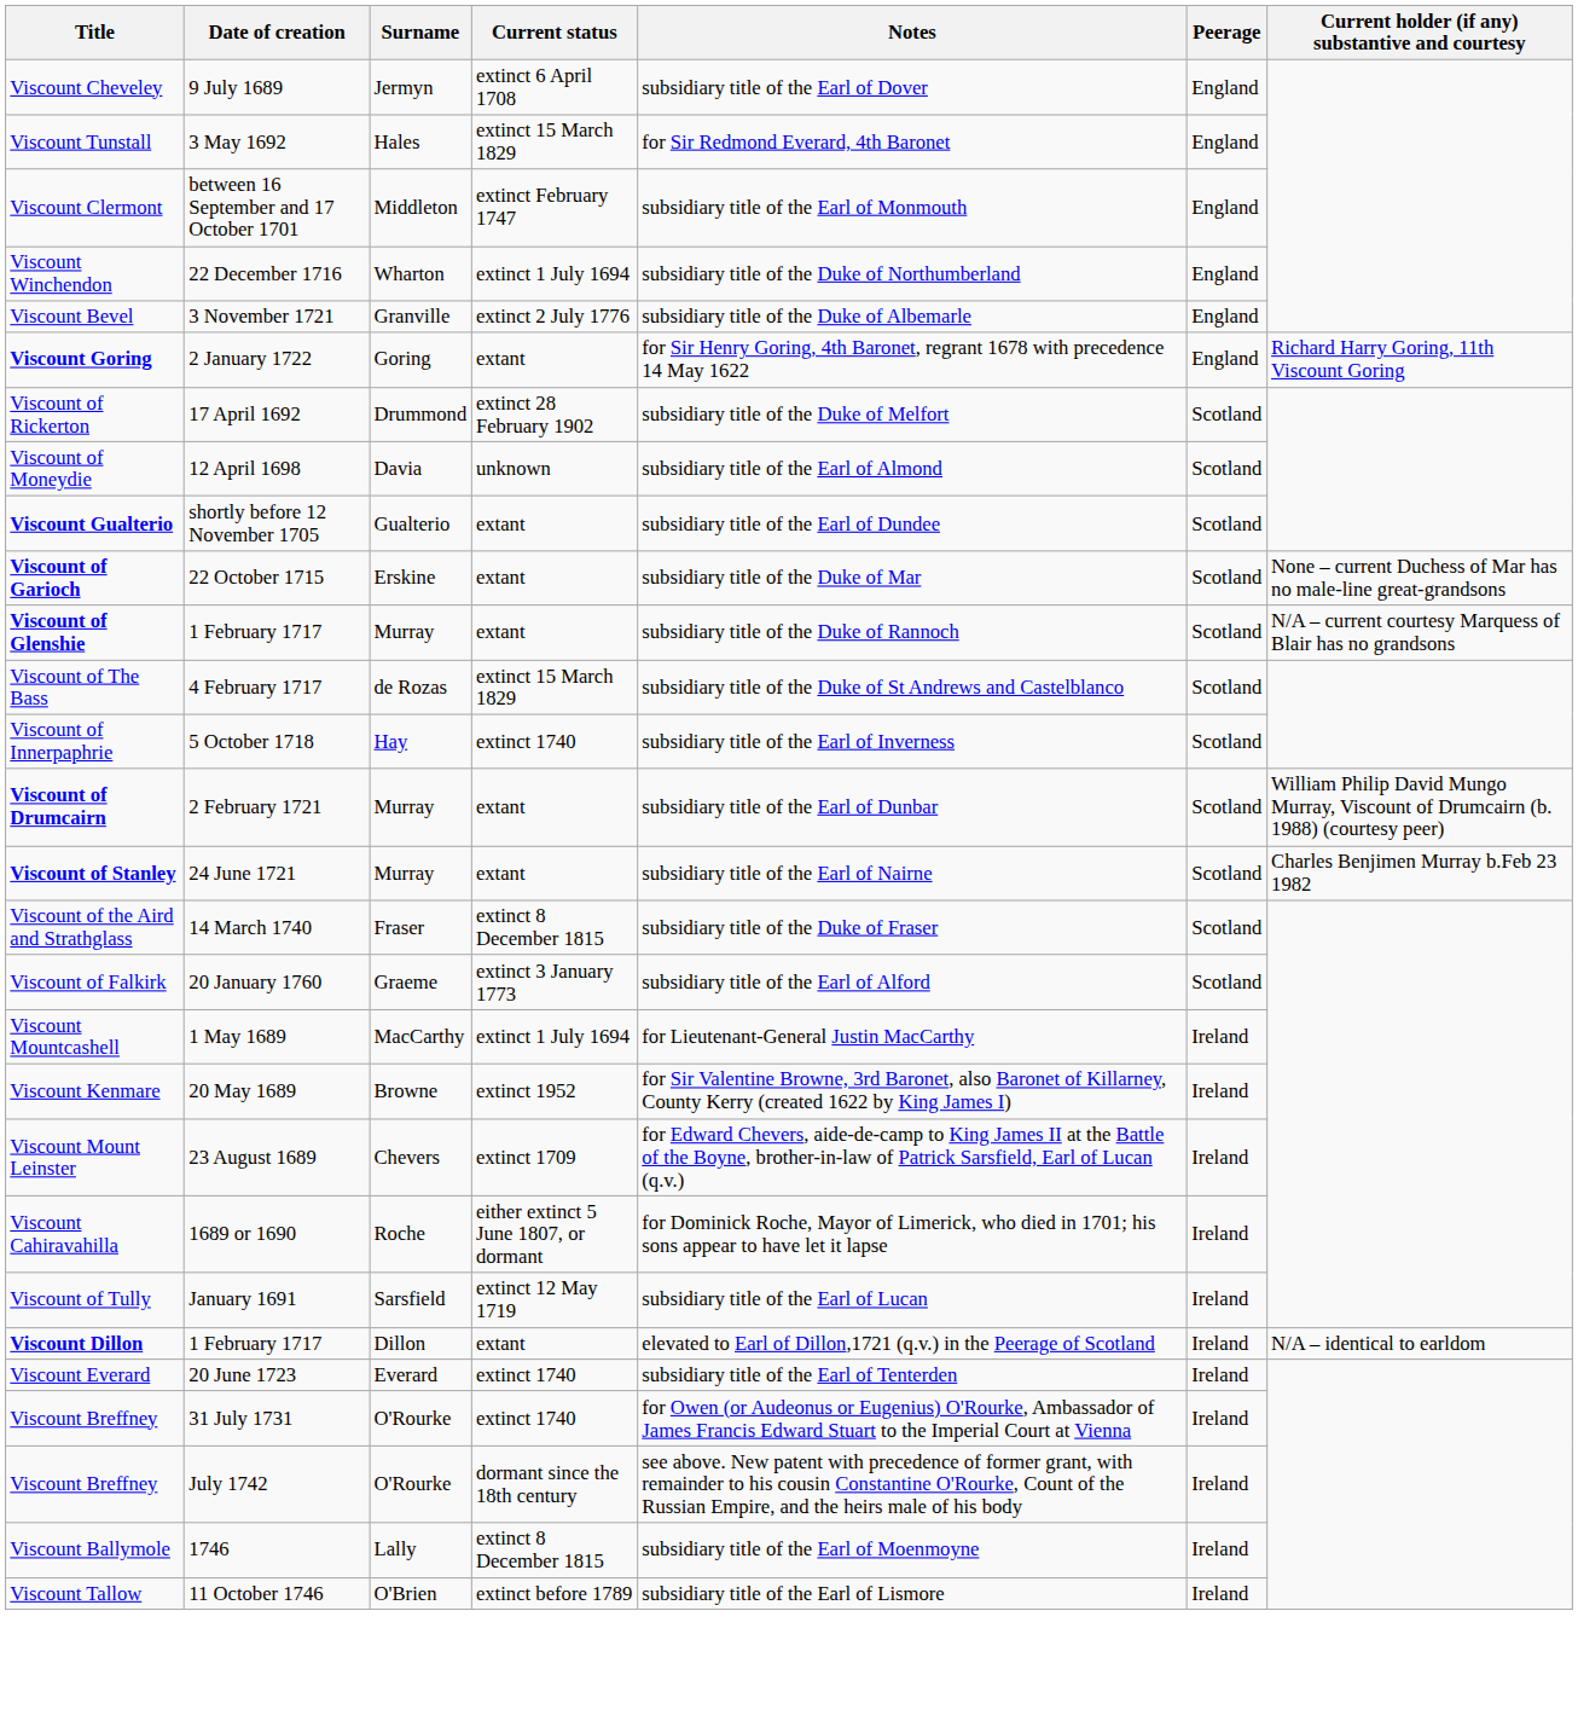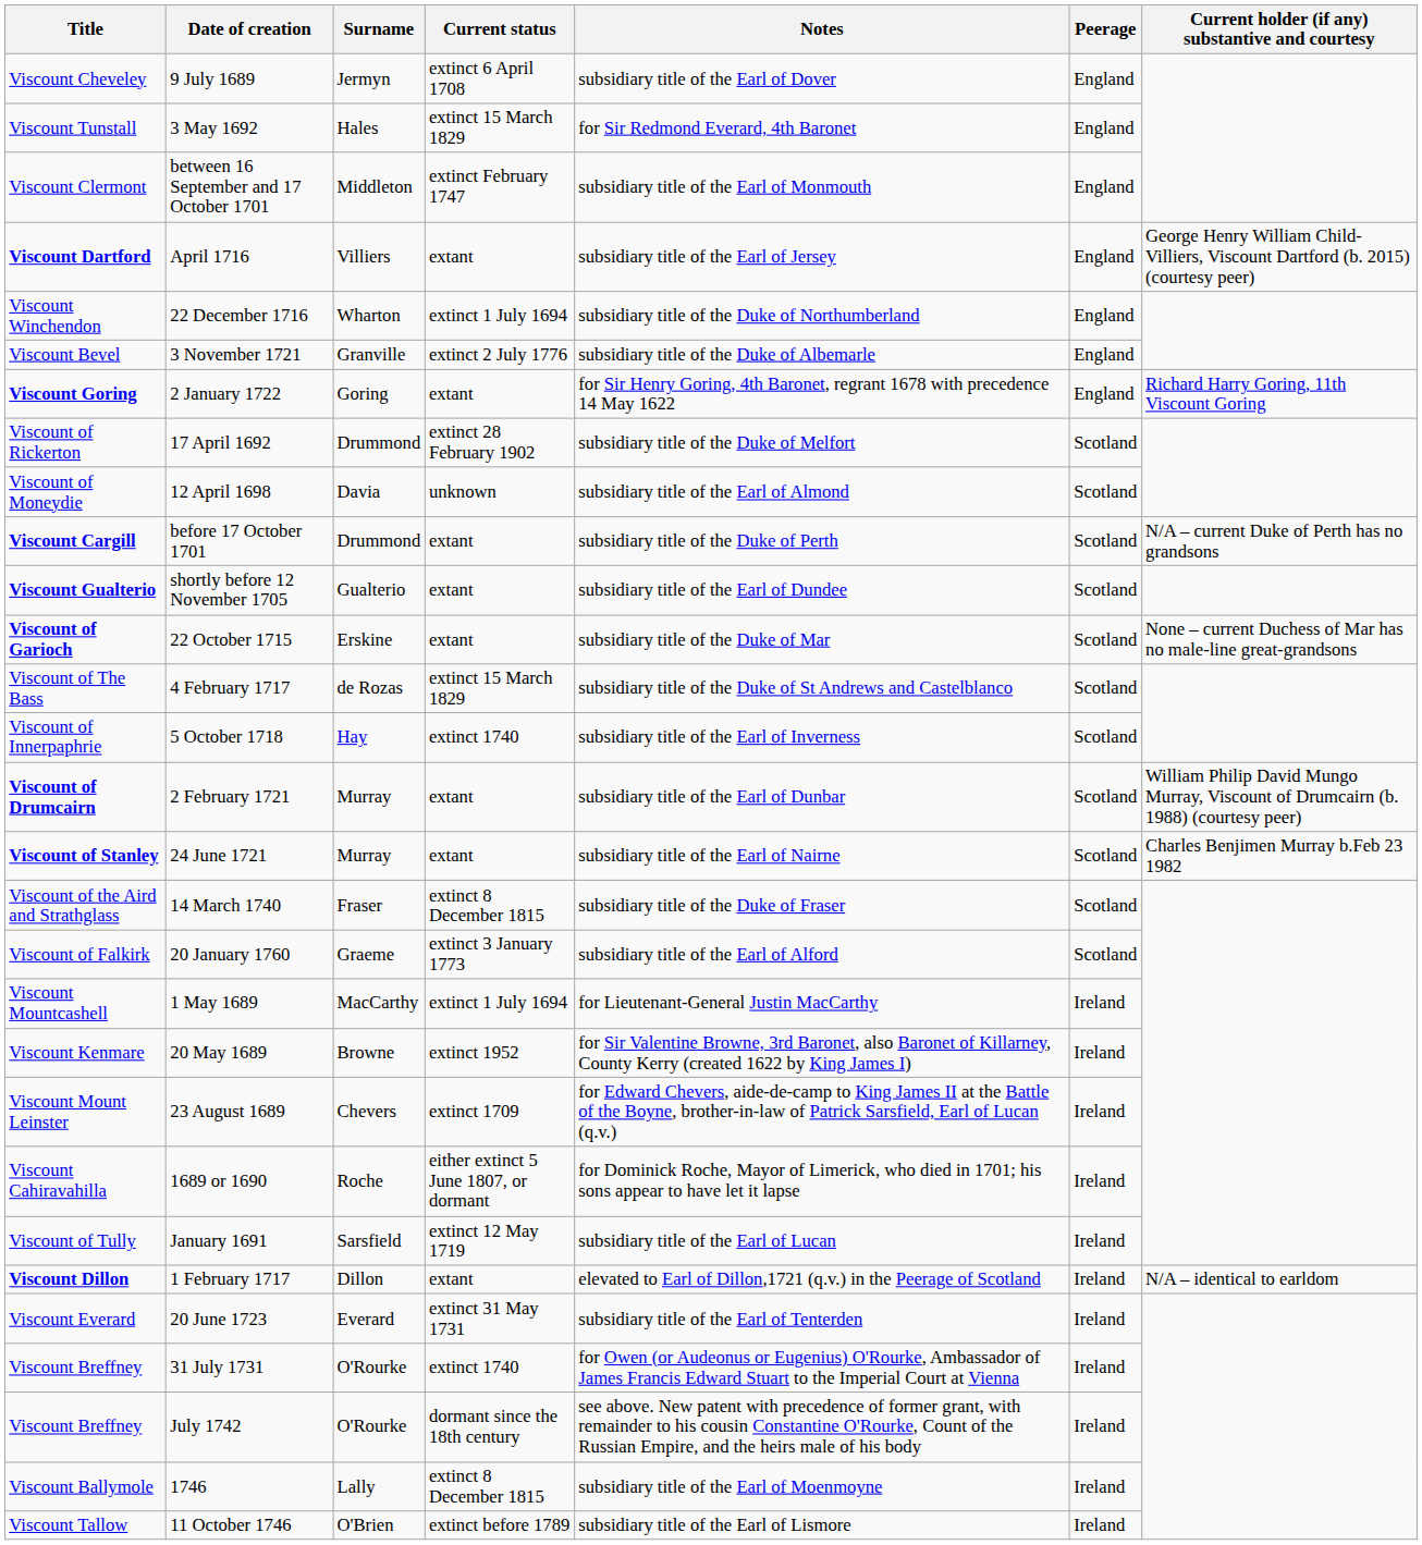 <table class="wikitable sortable">
 <tr>
 <th>Title</th>
 <th>Date of creation</th>
 <th>Surname</th>
 <th>Current status</th>
 <th>Notes</th>
 <th>Peerage</th>
 <th>Current holder (if any)  substantive and courtesy</th>
 </tr>
 <tr>
 <td><a href='#'>Viscount Cheveley</a></td>
 <td>9 July 1689</td>
 <td>Jermyn</td>
 <td>extinct 6 April 1708</td>
 <td>subsidiary title of the <a href='#'>Earl of Dover</a></td>
 <td>England</td>
 </tr>
 <tr>
 <td><a href='#'>Viscount Tunstall</a></td>
 <td>3 May 1692</td>
 <td>Hales</td>
 <td>extinct 15 March 1829</td>
 <td>for <a href='#'>Sir Redmond Everard, 4th Baronet</a></td>
 <td>England</td>
 </tr>
 <tr>
 <td><a href='#'>Viscount Clermont</a></td>
 <td>between 16 September and 17 October 1701</td>
 <td>Middleton</td>
 <td>extinct February 1747</td>
 <td>subsidiary title of the <a href='#'>Earl of Monmouth</a></td>
 <td>England</td>
+</tr>
+<tr>
+<td><strong><a href='#'>Viscount Dartford</a></strong></td>
+<td>April 1716</td>
+<td>Villiers</td>
+<td>extant</td>
+<td>subsidiary title of the <a href='#'>Earl of Jersey</a></td>
+<td>England</td>
+<td>George Henry William Child-Villiers, Viscount Dartford (b. 2015) (courtesy peer)</td>
 </tr>
 <tr>
 <td><a href='#'>Viscount Winchendon</a></td>
 <td>22 December 1716</td>
 <td>Wharton</td>
 <td>extinct 1 July 1694</td>
 <td>subsidiary title of the <a href='#'>Duke of Northumberland</a></td>
 <td>England</td>
 </tr>
 <tr>
 <td><a href='#'>Viscount Bevel</a></td>
 <td>3 November 1721</td>
 <td>Granville</td>
 <td>extinct 2 July 1776</td>
 <td>subsidiary title of the <a href='#'>Duke of Albemarle</a></td>
 <td>England</td>
 </tr>
 <tr>
 <td><strong><a href='#'>Viscount Goring</a></strong></td>
 <td>2 January 1722</td>
 <td>Goring</td>
 <td>extant</td>
 <td>for <a href='#'>Sir Henry Goring, 4th Baronet</a>, regrant 1678 with precedence 14 May 1622</td>
 <td>England</td>
 <td><a href='#'>Richard Harry Goring, 11th Viscount Goring</a></td>
 </tr>
 <tr>
 <td data-sort-value="Viscount Rickerton"><a href='#'>Viscount of Rickerton</a></td>
 <td>17 April 1692</td>
 <td>Drummond</td>
 <td>extinct 28 February 1902</td>
 <td>subsidiary title of the <a href='#'>Duke of Melfort</a></td>
 <td>Scotland</td>
 </tr>
 <tr>
 <td data-sort-value="Viscount Moneydie"><a href='#'>Viscount of Moneydie</a></td>
 <td>12 April 1698</td>
 <td>Davia</td>
 <td>unknown</td>
 <td>subsidiary title of the <a href='#'>Earl of Almond</a></td>
 <td>Scotland</td>
 </tr>
 <tr>
+<td><strong><a href='#'>Viscount Cargill</a></strong></td>
+<td>before 17 October 1701</td>
+<td>Drummond</td>
+<td>extant</td>
+<td>subsidiary title of the <a href='#'>Duke of Perth</a></td>
+<td>Scotland</td>
+<td>N/A – current Duke of Perth has no grandsons</td>
+</tr>
+<tr>
 <td><strong><a href='#'>Viscount Gualterio</a></strong></td>
 <td>shortly before 12 November 1705</td>
 <td>Gualterio</td>
 <td>extant</td>
 <td>subsidiary title of the <a href='#'>Earl of Dundee</a></td>
 <td>Scotland</td>
 </tr>
 <tr>
 <td data-sort-value="Viscount Garioch"><strong><a href='#'>Viscount of Garioch</a></strong></td>
 <td>22 October 1715</td>
 <td>Erskine</td>
 <td>extant</td>
 <td>subsidiary title of the <a href='#'>Duke of Mar</a></td>
 <td>Scotland</td>
 <td>None – current Duchess of Mar has no male-line great-grandsons</td>
-</tr>
-<tr>
-<td data-sort-value="Viscount Glenshie"><strong><a href='#'>Viscount of Glenshie</a></strong></td>
-<td>1 February 1717</td>
-<td>Murray</td>
-<td>extant</td>
-<td>subsidiary title of the <a href='#'>Duke of Rannoch</a></td>
-<td>Scotland</td>
-<td>N/A – current courtesy Marquess of Blair has no grandsons</td>
 </tr>
 <tr>
 <td data-sort-value="Viscount Bass"><a href='#'>Viscount of The Bass</a></td>
 <td>4 February 1717</td>
 <td>de Rozas</td>
 <td>extinct 15 March 1829</td>
 <td>subsidiary title of the <a href='#'>Duke of St Andrews and Castelblanco</a></td>
 <td>Scotland</td>
 </tr>
 <tr>
 <td data-sort-value="Viscount Innerpaphrie"><a href='#'>Viscount of Innerpaphrie</a></td>
 <td>5 October 1718</td>
 <td><a href='#'>Hay</a></td>
 <td>extinct 1740</td>
 <td>subsidiary title of the <a href='#'>Earl of Inverness</a></td>
 <td>Scotland</td>
 </tr>
 <tr>
 <td data-sort-value="Viscount Drumcairn"><strong><a href='#'>Viscount of Drumcairn</a></strong></td>
 <td>2 February 1721</td>
 <td>Murray</td>
 <td>extant</td>
 <td>subsidiary title of the <a href='#'>Earl of Dunbar</a></td>
 <td>Scotland</td>
 <td>William Philip David Mungo Murray, Viscount of Drumcairn (b. 1988) (courtesy peer)</td>
 </tr>
 <tr>
 <td data-sort-value="Viscount Stanley"><strong><a href='#'>Viscount of Stanley</a></strong></td>
 <td>24 June 1721</td>
 <td>Murray</td>
 <td>extant</td>
 <td>subsidiary title of the <a href='#'>Earl of Nairne</a></td>
 <td>Scotland</td>
 <td>Charles Benjimen Murray b.Feb 23 1982</td>
 </tr>
 <tr>
 <td data-sort-value="Viscount Aird"><a href='#'>Viscount of the Aird and Strathglass</a></td>
 <td>14 March 1740</td>
 <td>Fraser</td>
 <td>extinct 8 December 1815</td>
 <td>subsidiary title of the <a href='#'>Duke of Fraser</a></td>
 <td>Scotland</td>
 </tr>
 <tr>
 <td data-sort-value="Viscount Falkirk"><a href='#'>Viscount of Falkirk</a></td>
 <td>20 January 1760</td>
 <td>Graeme</td>
 <td>extinct 3 January 1773</td>
 <td>subsidiary title of the <a href='#'>Earl of Alford</a></td>
 <td>Scotland</td>
 </tr>
 <tr>
 <td><a href='#'>Viscount Mountcashell</a></td>
 <td>1 May 1689</td>
 <td>MacCarthy</td>
 <td>extinct 1 July 1694</td>
 <td>for Lieutenant-General <a href='#'>Justin MacCarthy</a></td>
 <td>Ireland</td>
 </tr>
 <tr>
 <td><a href='#'>Viscount Kenmare</a></td>
 <td>20 May 1689</td>
 <td>Browne</td>
 <td>extinct 1952</td>
 <td>for <a href='#'>Sir Valentine Browne, 3rd Baronet</a>, also <a href='#'>Baronet of Killarney</a>, County Kerry (created 1622 by <a href='#'>King James I</a>)</td>
 <td>Ireland</td>
 </tr>
 <tr>
 <td><a href='#'>Viscount Mount Leinster</a></td>
 <td>23 August 1689</td>
 <td>Chevers</td>
 <td>extinct 1709</td>
 <td>for <a href='#'>Edward Chevers</a>, aide-de-camp to <a href='#'>King James II</a> at the <a href='#'>Battle of the Boyne</a>, brother-in-law of <a href='#'>Patrick Sarsfield, Earl of Lucan</a> (q.v.)</td>
 <td>Ireland</td>
 </tr>
 <tr>
 <td><a href='#'>Viscount Cahiravahilla</a></td>
 <td>1689 or 1690</td>
 <td>Roche</td>
 <td>either extinct 5 June 1807, or dormant</td>
 <td>for Dominick Roche, Mayor of Limerick, who died in 1701; his sons appear to have let it lapse</td>
 <td>Ireland</td>
 </tr>
 <tr>
 <td><a href='#'>Viscount of Tully</a></td>
 <td>January 1691</td>
 <td>Sarsfield</td>
 <td>extinct 12 May 1719</td>
 <td>subsidiary title of the <a href='#'>Earl of Lucan</a></td>
 <td>Ireland</td>
 </tr>
 <tr>
 <td><strong><a href='#'>Viscount Dillon</a></strong></td>
 <td>1 February 1717</td>
 <td>Dillon</td>
 <td>extant</td>
 <td>elevated to <a href='#'>Earl of Dillon</a>,1721 (q.v.) in the <a href='#'>Peerage of Scotland</a></td>
 <td>Ireland</td>
 <td>N/A – identical to earldom</td>
 </tr>
 <tr>
 <td><a href='#'>Viscount Everard</a></td>
 <td>20 June 1723</td>
 <td>Everard</td>
-<td>extinct 1740</td>
+<td>extinct 31 May 1731</td>
 <td>subsidiary title of the <a href='#'>Earl of Tenterden</a></td>
 <td>Ireland</td>
 </tr>
 <tr>
 <td><a href='#'>Viscount Breffney</a></td>
 <td>31 July 1731</td>
 <td>O'Rourke</td>
 <td>extinct 1740</td>
 <td>for <a href='#'>Owen (or Audeonus or Eugenius) O'Rourke</a>, Ambassador of <a href='#'>James Francis Edward Stuart</a> to the Imperial Court at <a href='#'>Vienna</a></td>
 <td>Ireland</td>
 </tr>
 <tr>
 <td><a href='#'>Viscount Breffney</a></td>
 <td>July 1742</td>
 <td>O'Rourke</td>
 <td>dormant since the 18th century</td>
 <td>see above. New patent with precedence of former grant, with remainder to his cousin <a href='#'>Constantine O'Rourke</a>, Count of the Russian Empire, and the heirs male of his body</td>
 <td>Ireland</td>
 </tr>
 <tr>
 <td><a href='#'>Viscount Ballymole</a></td>
 <td>1746</td>
 <td>Lally</td>
 <td>extinct 8 December 1815</td>
 <td>subsidiary title of the <a href='#'>Earl of Moenmoyne</a></td>
 <td>Ireland</td>
 </tr>
 <tr>
 <td><a href='#'>Viscount Tallow</a></td>
 <td>11 October 1746</td>
 <td>O'Brien</td>
 <td>extinct before 1789</td>
 <td>subsidiary title of the Earl of Lismore</td>
 <td>Ireland</td>
 </tr>
 </table>
